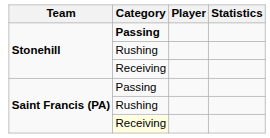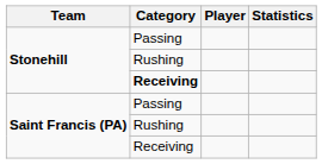 <table class="wikitable" style="float: right;">
 <tr>
 <th>Team</th>
 <th>Category</th>
 <th>Player</th>
 <th>Statistics</th>
 </tr>
 <tr>
 <td rowspan=3><strong>Stonehill</strong></td>
-<td><strong>Passing</strong></td>
+<td>Passing</td>
 <td></td>
 <td></td>
 </tr>
 <tr>
 <td>Rushing</td>
 <td></td>
 <td></td>
 </tr>
 <tr>
-<td>Receiving</td>
+<td><strong>Receiving</strong></td>
 <td></td>
 <td></td>
 </tr>
 <tr>
 <td rowspan=3><strong>Saint Francis (PA)</strong></td>
 <td>Passing</td>
 <td></td>
 <td></td>
 </tr>
 <tr>
 <td>Rushing</td>
 <td></td>
 <td></td>
 </tr>
 <tr>
-<td style="background: lightyellow;">Receiving</td>
+<td>Receiving</td>
 <td></td>
 <td></td>
 </tr>
 </table>
